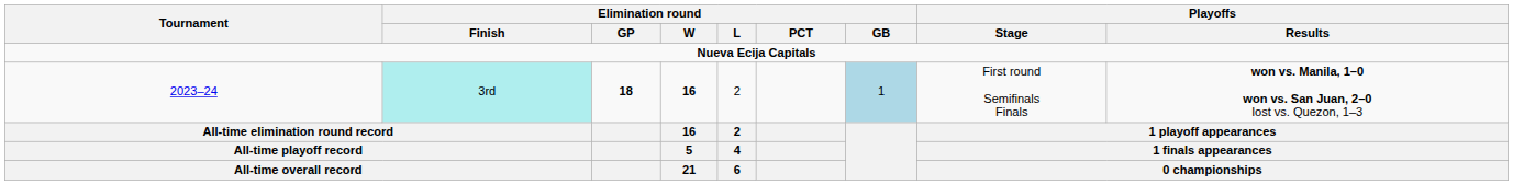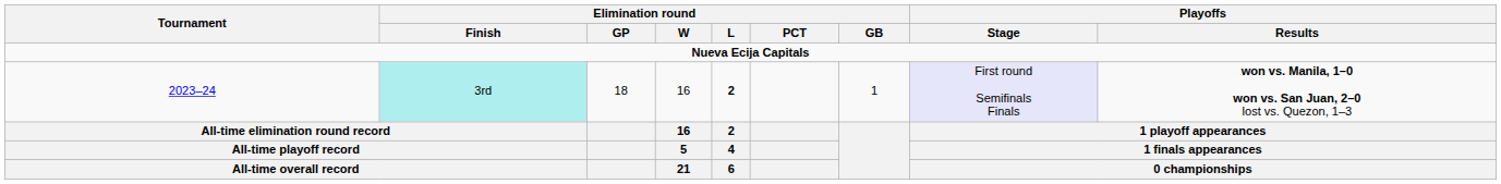 <table class=wikitable style="width:100%; text-align:center">
 <tr>
 <th rowspan="2">Tournament</th>
 <th colspan="6">Elimination round</th>
 <th colspan="2">Playoffs</th>
 </tr>
 <tr>
 <th>Finish</th>
 <th>GP</th>
 <th>W</th>
 <th>L</th>
 <th>PCT</th>
 <th>GB</th>
 <th>Stage</th>
 <th>Results</th>
 </tr>
 <tr>
 <td colspan=10><span><strong>Nueva Ecija Capitals</strong></span></td>
 </tr>
 <tr>
 <td><a href='#'>2023–24</a> <br> </td>
 <td style="background: paleturquoise;">3rd</td>
-<td><strong>18</strong></td>
-<td><strong>16</strong></td>
-<td>2</td>
+<td>18</td>
+<td>16</td>
+<td><strong>2</strong></td>
 <td></td>
-<td style="background: lightblue;">1</td>
-<td>First round <br>  <br> Semifinals <br> Finals</td>
+<td>1</td>
+<td style="background: lavender;">First round <br>  <br> Semifinals <br> Finals</td>
 <td><strong>won vs. Manila, 1–0</strong> <br>  <br> <strong>won vs. San Juan, 2–0</strong> <br> lost vs. Quezon, 1–3</td>
 </tr>
 <tr>
 <th colspan="2">All-time elimination round record</th>
 <th></th>
 <th>16</th>
 <th>2</th>
 <th></th>
 <th rowspan="3"></th>
 <th colspan="2">1 playoff appearances</th>
 </tr>
 <tr>
 <th colspan="2">All-time playoff record</th>
 <th></th>
 <th>5</th>
 <th>4</th>
 <th></th>
 <th colspan="2">1 finals appearances</th>
 </tr>
 <tr>
 <th colspan="2">All-time overall record</th>
 <th></th>
 <th>21</th>
 <th>6</th>
 <th></th>
 <th colspan="2">0 championships</th>
 </tr>
 </table>
